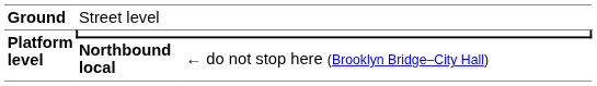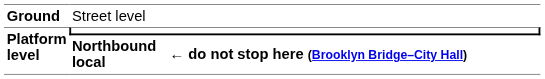 <table table border=0 cellspacing=0 cellpadding=3>
 <tr>
 <td style="width:50px; border-top:solid 1px gray; vertical-align:top;"><strong>Ground</strong></td>
 <td colspan="2" style="border-top:solid 1px gray; vertical-align:top;">Street level</td>
 </tr>
 <tr>
 <td rowspan="2" style="border-top:solid 1px gray; border-bottom:solid 1px gray; vertical-align:top;"><strong>Platform<br>level</strong></td>
 <td colspan="2" style="border-top:solid 1px gray; border-right:solid 2px black; border-left:solid 2px black; border-bottom:solid 2px black; text-align:center;"></td>
 </tr>
 <tr>
 <td style="width:100px; border-bottom:solid 1px gray;"><span><strong>Northbound local</strong></span></td>
-<td style="width:400px; border-bottom:solid 1px gray;">←   do not stop here <small>(<a href='#'>Brooklyn Bridge–City Hall</a>)</small></td>
+<td style="width:400px; border-bottom:solid 1px gray;"><strong>←   do not stop here <small>(<a href='#'>Brooklyn Bridge–City Hall</a>)</small></strong></td>
 </tr>
 </table>
